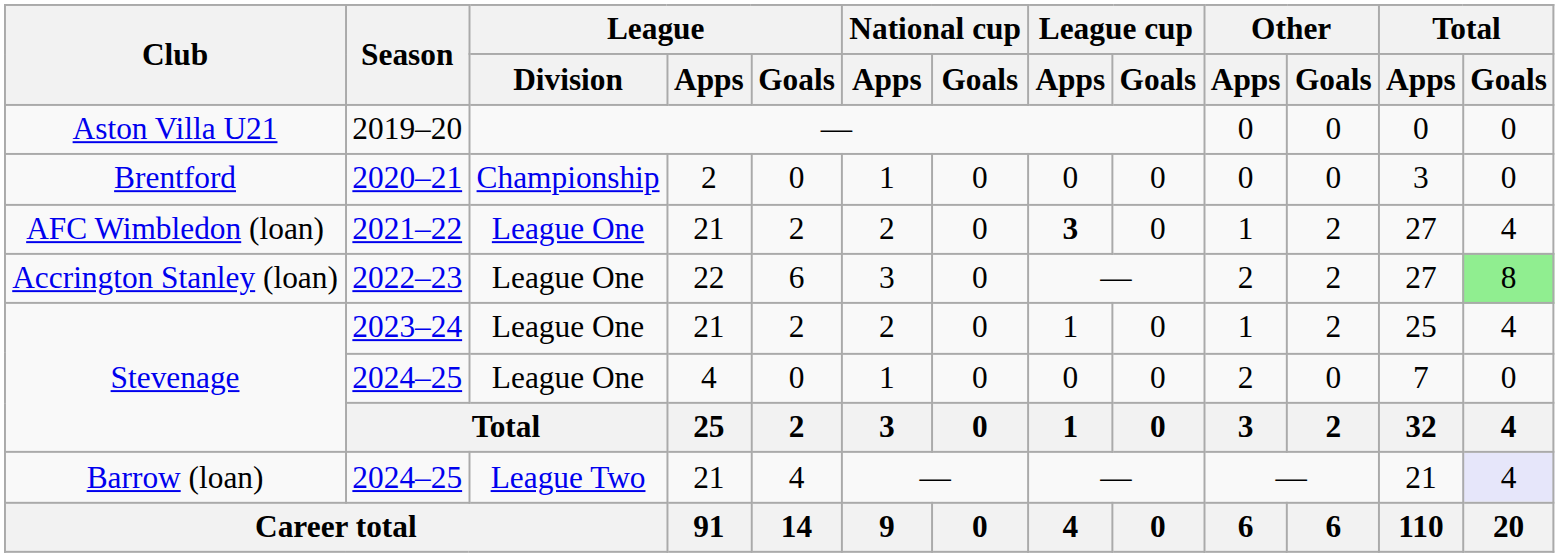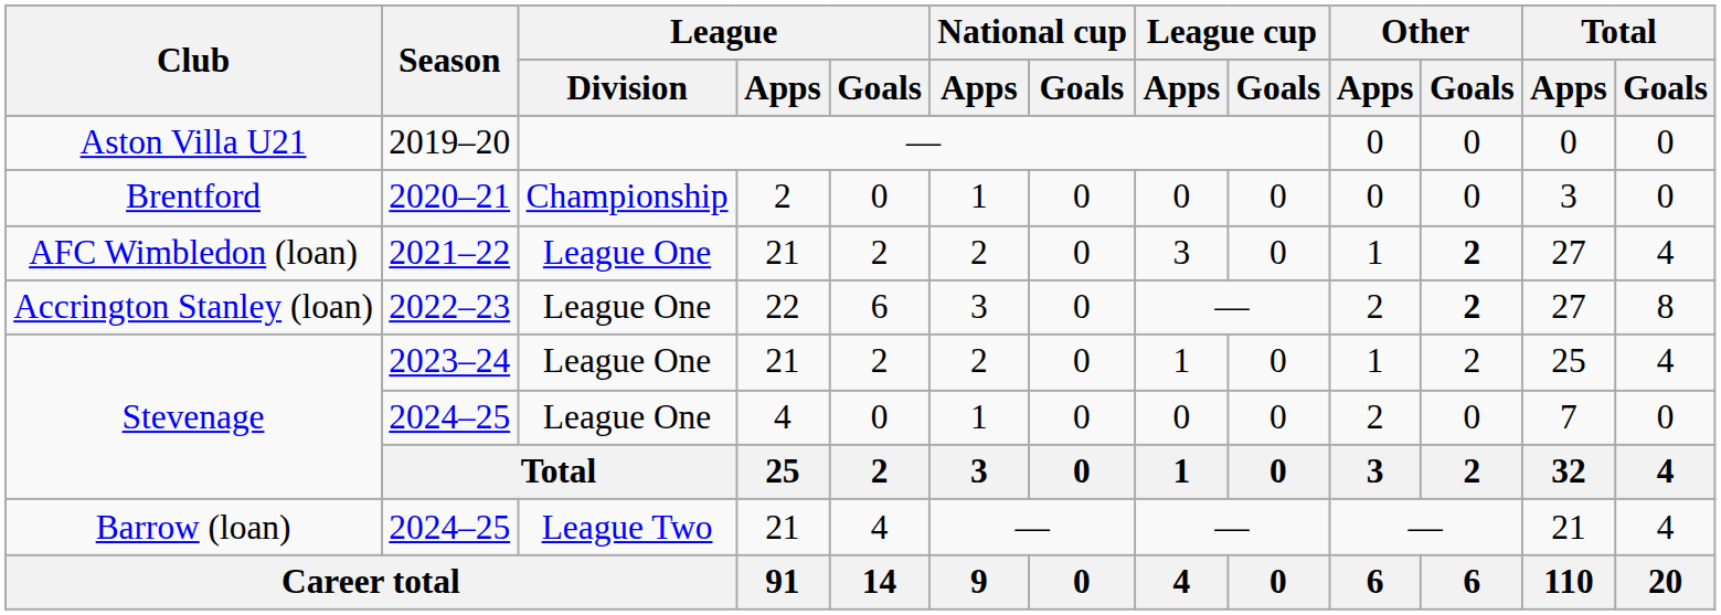 <table class="wikitable" style="text-align: center;">
 <tr>
 <th rowspan="2">Club</th>
 <th rowspan="2">Season</th>
 <th colspan="3">League</th>
 <th colspan="2">National cup</th>
 <th colspan="2">League cup</th>
 <th colspan="2">Other</th>
 <th colspan="2">Total</th>
 </tr>
 <tr>
 <th>Division</th>
 <th>Apps</th>
 <th>Goals</th>
 <th>Apps</th>
 <th>Goals</th>
 <th>Apps</th>
 <th>Goals</th>
 <th>Apps</th>
 <th>Goals</th>
 <th>Apps</th>
 <th>Goals</th>
 </tr>
 <tr>
 <td><a href='#'>Aston Villa U21</a></td>
 <td>2019–20</td>
 <td colspan="7">—</td>
 <td>0</td>
 <td>0</td>
 <td>0</td>
 <td>0</td>
 </tr>
 <tr>
 <td><a href='#'>Brentford</a></td>
 <td><a href='#'>2020–21</a></td>
 <td><a href='#'>Championship</a></td>
 <td>2</td>
 <td>0</td>
 <td>1</td>
 <td>0</td>
 <td>0</td>
 <td>0</td>
 <td>0</td>
 <td>0</td>
 <td>3</td>
 <td>0</td>
 </tr>
 <tr>
 <td><a href='#'>AFC Wimbledon</a> (loan)</td>
 <td><a href='#'>2021–22</a></td>
 <td><a href='#'>League One</a></td>
 <td>21</td>
 <td>2</td>
 <td>2</td>
 <td>0</td>
-<td><strong>3</strong></td>
+<td>3</td>
 <td>0</td>
 <td>1</td>
-<td>2</td>
+<td><strong>2</strong></td>
 <td>27</td>
 <td>4</td>
 </tr>
 <tr>
 <td><a href='#'>Accrington Stanley</a> (loan)</td>
 <td><a href='#'>2022–23</a></td>
 <td>League One</td>
 <td>22</td>
 <td>6</td>
 <td>3</td>
 <td>0</td>
 <td colspan="2">—</td>
 <td>2</td>
-<td>2</td>
+<td><strong>2</strong></td>
 <td>27</td>
-<td style="background: lightgreen;">8</td>
+<td>8</td>
 </tr>
 <tr>
 <td rowspan="3"><a href='#'>Stevenage</a></td>
 <td><a href='#'>2023–24</a></td>
 <td>League One</td>
 <td>21</td>
 <td>2</td>
 <td>2</td>
 <td>0</td>
 <td>1</td>
 <td>0</td>
 <td>1</td>
 <td>2</td>
 <td>25</td>
 <td>4</td>
 </tr>
 <tr>
 <td><a href='#'>2024–25</a></td>
 <td>League One</td>
 <td>4</td>
 <td>0</td>
 <td>1</td>
 <td>0</td>
 <td>0</td>
 <td>0</td>
 <td>2</td>
 <td>0</td>
 <td>7</td>
 <td>0</td>
 </tr>
 <tr>
 <th colspan="2">Total</th>
 <th>25</th>
 <th>2</th>
 <th>3</th>
 <th>0</th>
 <th>1</th>
 <th>0</th>
 <th>3</th>
 <th>2</th>
 <th>32</th>
 <th>4</th>
 </tr>
 <tr>
 <td><a href='#'>Barrow</a> (loan)</td>
 <td><a href='#'>2024–25</a></td>
 <td><a href='#'>League Two</a></td>
 <td>21</td>
 <td>4</td>
 <td colspan="2">—</td>
 <td colspan="2">—</td>
 <td colspan="2">—</td>
 <td>21</td>
-<td style="background: lavender;">4</td>
+<td>4</td>
 </tr>
 <tr>
 <th colspan="3">Career total</th>
 <th>91</th>
 <th>14</th>
 <th>9</th>
 <th>0</th>
 <th>4</th>
 <th>0</th>
 <th>6</th>
 <th>6</th>
 <th>110</th>
 <th>20</th>
 </tr>
 </table>
